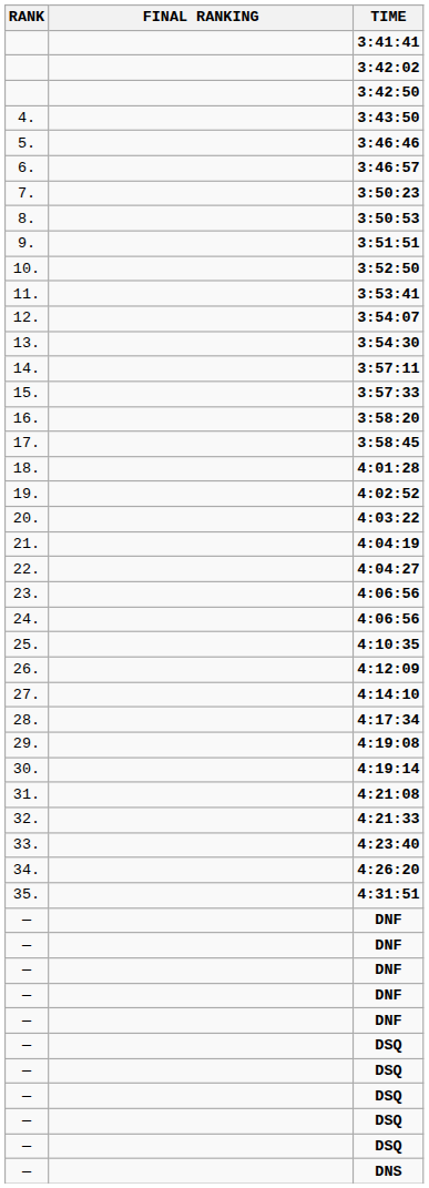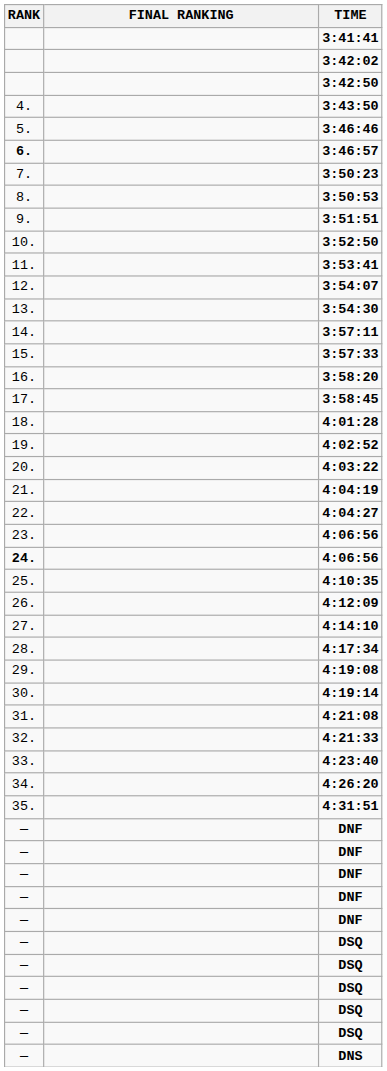 <table class="wikitable" style="border-collapse: collapse; font-size: 90%;">
 <tr>
 <th>RANK</th>
 <th align="center" style="width: 20em">FINAL RANKING</th>
 <th>TIME</th>
 </tr>
 <tr>
 <td align="center"></td>
 <td></td>
 <td align="center"><strong>3:41:41</strong></td>
 </tr>
 <tr>
 <td align="center"></td>
 <td></td>
 <td align="center"><strong>3:42:02</strong></td>
 </tr>
 <tr>
 <td align="center"></td>
 <td></td>
 <td align="center"><strong>3:42:50</strong></td>
 </tr>
 <tr>
 <td align="center">4.</td>
 <td></td>
 <td align="center"><strong>3:43:50</strong></td>
 </tr>
 <tr>
 <td align="center">5.</td>
 <td></td>
 <td align="center"><strong>3:46:46</strong></td>
 </tr>
 <tr>
-<td align="center">6.</td>
+<td align="center"><strong>6.</strong></td>
 <td></td>
 <td align="center"><strong>3:46:57</strong></td>
 </tr>
 <tr>
 <td align="center">7.</td>
 <td></td>
 <td align="center"><strong>3:50:23</strong></td>
 </tr>
 <tr>
 <td align="center">8.</td>
 <td></td>
 <td align="center"><strong>3:50:53</strong></td>
 </tr>
 <tr>
 <td align="center">9.</td>
 <td></td>
 <td align="center"><strong>3:51:51</strong></td>
 </tr>
 <tr>
 <td align="center">10.</td>
 <td></td>
 <td align="center"><strong>3:52:50</strong></td>
 </tr>
 <tr>
 <td align="center">11.</td>
 <td></td>
 <td align="center"><strong>3:53:41</strong></td>
 </tr>
 <tr>
 <td align="center">12.</td>
 <td></td>
 <td align="center"><strong>3:54:07</strong></td>
 </tr>
 <tr>
 <td align="center">13.</td>
 <td></td>
 <td align="center"><strong>3:54:30</strong></td>
 </tr>
 <tr>
 <td align="center">14.</td>
 <td></td>
 <td align="center"><strong>3:57:11</strong></td>
 </tr>
 <tr>
 <td align="center">15.</td>
 <td></td>
 <td align="center"><strong>3:57:33</strong></td>
 </tr>
 <tr>
 <td align="center">16.</td>
 <td></td>
 <td align="center"><strong>3:58:20</strong></td>
 </tr>
 <tr>
 <td align="center">17.</td>
 <td></td>
 <td align="center"><strong>3:58:45</strong></td>
 </tr>
 <tr>
 <td align="center">18.</td>
 <td></td>
 <td align="center"><strong>4:01:28</strong></td>
 </tr>
 <tr>
 <td align="center">19.</td>
 <td></td>
 <td align="center"><strong>4:02:52</strong></td>
 </tr>
 <tr>
 <td align="center">20.</td>
 <td></td>
 <td align="center"><strong>4:03:22</strong></td>
 </tr>
 <tr>
 <td align="center">21.</td>
 <td></td>
 <td align="center"><strong>4:04:19</strong></td>
 </tr>
 <tr>
 <td align="center">22.</td>
 <td></td>
 <td align="center"><strong>4:04:27</strong></td>
 </tr>
 <tr>
 <td align="center">23.</td>
 <td></td>
 <td align="center"><strong>4:06:56</strong></td>
 </tr>
 <tr>
-<td align="center">24.</td>
+<td align="center"><strong>24.</strong></td>
 <td></td>
 <td align="center"><strong>4:06:56</strong></td>
 </tr>
 <tr>
 <td align="center">25.</td>
 <td></td>
 <td align="center"><strong>4:10:35</strong></td>
 </tr>
 <tr>
 <td align="center">26.</td>
 <td></td>
 <td align="center"><strong>4:12:09</strong></td>
 </tr>
 <tr>
 <td align="center">27.</td>
 <td></td>
 <td align="center"><strong>4:14:10</strong></td>
 </tr>
 <tr>
 <td align="center">28.</td>
 <td></td>
 <td align="center"><strong>4:17:34</strong></td>
 </tr>
 <tr>
 <td align="center">29.</td>
 <td></td>
 <td align="center"><strong>4:19:08</strong></td>
 </tr>
 <tr>
 <td align="center">30.</td>
 <td></td>
 <td align="center"><strong>4:19:14</strong></td>
 </tr>
 <tr>
 <td align="center">31.</td>
 <td></td>
 <td align="center"><strong>4:21:08</strong></td>
 </tr>
 <tr>
 <td align="center">32.</td>
 <td></td>
 <td align="center"><strong>4:21:33</strong></td>
 </tr>
 <tr>
 <td align="center">33.</td>
 <td></td>
 <td align="center"><strong>4:23:40</strong></td>
 </tr>
 <tr>
 <td align="center">34.</td>
 <td></td>
 <td align="center"><strong>4:26:20</strong></td>
 </tr>
 <tr>
 <td align="center">35.</td>
 <td></td>
 <td align="center"><strong>4:31:51</strong></td>
 </tr>
 <tr>
 <td align="center">—</td>
 <td></td>
 <td align="center"><strong>DNF</strong></td>
 </tr>
 <tr>
 <td align="center">—</td>
 <td></td>
 <td align="center"><strong>DNF</strong></td>
 </tr>
 <tr>
 <td align="center">—</td>
 <td></td>
 <td align="center"><strong>DNF</strong></td>
 </tr>
 <tr>
 <td align="center">—</td>
 <td></td>
 <td align="center"><strong>DNF</strong></td>
 </tr>
 <tr>
 <td align="center">—</td>
 <td></td>
 <td align="center"><strong>DNF</strong></td>
 </tr>
 <tr>
 <td align="center">—</td>
 <td></td>
 <td align="center"><strong>DSQ</strong></td>
 </tr>
 <tr>
 <td align="center">—</td>
 <td></td>
 <td align="center"><strong>DSQ</strong></td>
 </tr>
 <tr>
 <td align="center">—</td>
 <td></td>
 <td align="center"><strong>DSQ</strong></td>
 </tr>
 <tr>
 <td align="center">—</td>
 <td></td>
 <td align="center"><strong>DSQ</strong></td>
 </tr>
 <tr>
 <td align="center">—</td>
 <td></td>
 <td align="center"><strong>DSQ</strong></td>
 </tr>
 <tr>
 <td align="center">—</td>
 <td></td>
 <td align="center"><strong>DNS</strong></td>
 </tr>
 </table>
